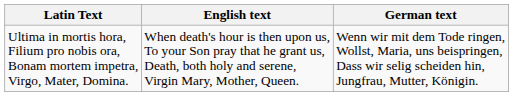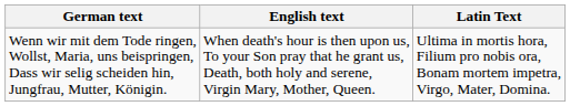 <table class="wikitable" style="margin: 1em auto 1em auto;">
 <tr>
+<th>German text</th>
+<th>English text</th>
 <th>Latin Text</th>
-<th>English text</th>
-<th>German text</th>
 </tr>
 <tr>
+<td>Wenn wir mit dem Tode ringen,<br>Wollst, Maria, uns beispringen,<br>Dass wir selig scheiden hin,<br>Jungfrau, Mutter, Königin.</td>
+<td>When death's hour is then upon us,<br>To your Son pray that he grant us,<br>Death, both holy and serene,<br>Virgin Mary, Mother, Queen.</td>
 <td>Ultima in mortis hora,<br>Filium pro nobis ora,<br>Bonam mortem impetra,<br>Virgo, Mater, Domina.</td>
-<td>When death's hour is then upon us,<br>To your Son pray that he grant us,<br>Death, both holy and serene,<br>Virgin Mary, Mother, Queen.</td>
-<td>Wenn wir mit dem Tode ringen,<br>Wollst, Maria, uns beispringen,<br>Dass wir selig scheiden hin,<br>Jungfrau, Mutter, Königin.</td>
 </tr>
 </table>
